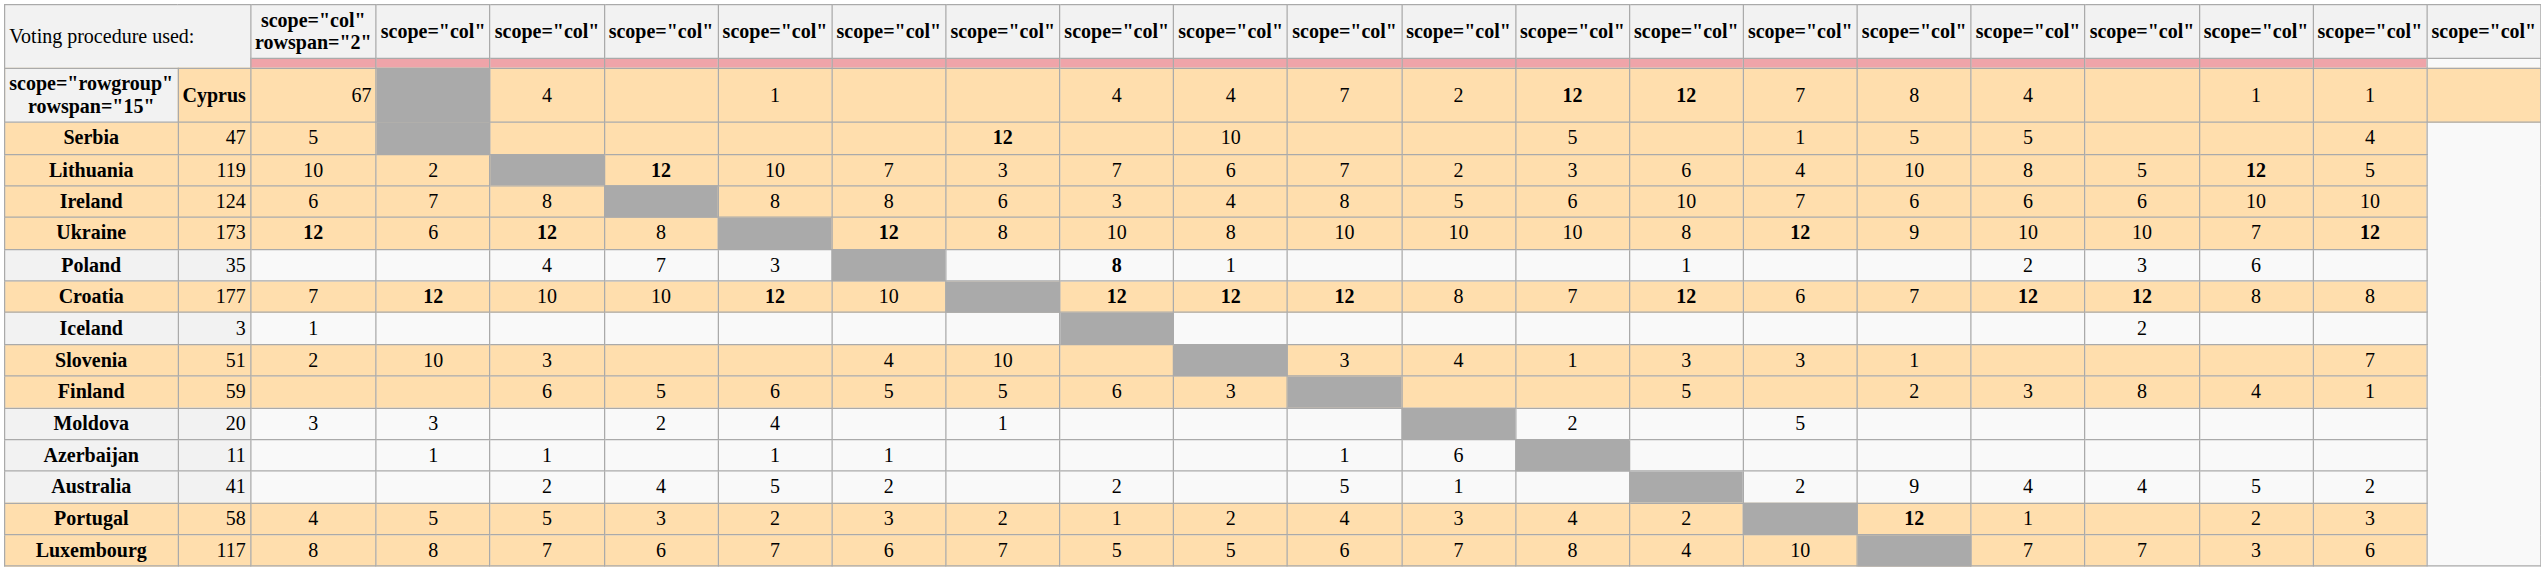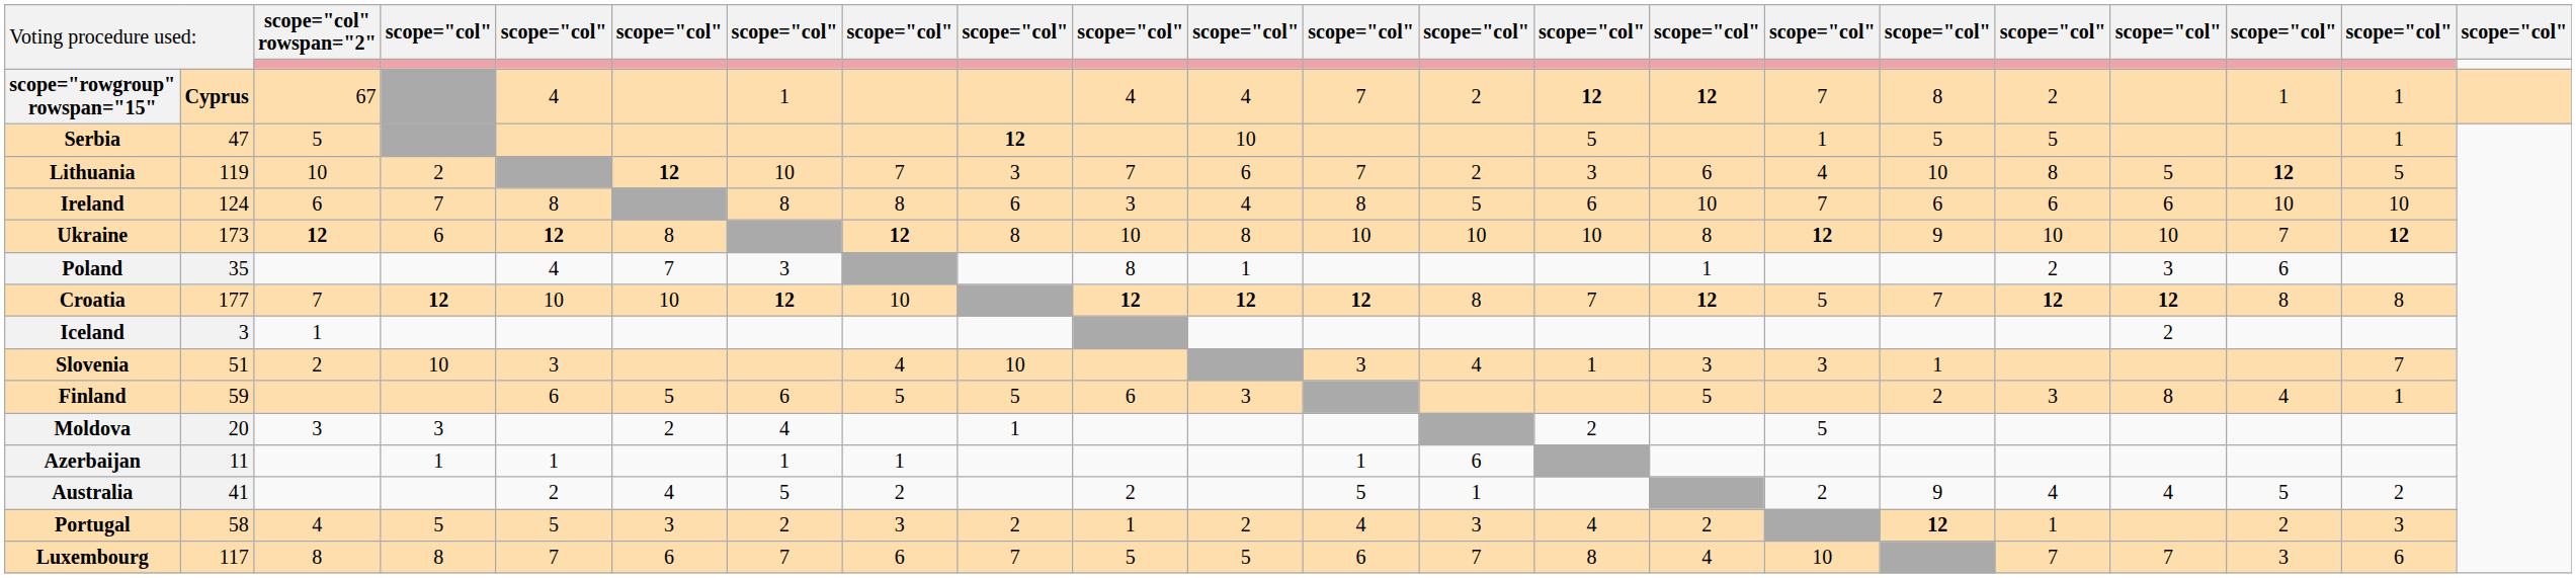 <table class="wikitable plainrowheaders" style="text-align: center;">
 <tr>
 <td colspan="2" rowspan="2" style="text-align: left; background: #F2F2F2;">Voting procedure used:<br></td>
 <th>scope="col" rowspan="2" </th>
 <th>scope="col" </th>
 <th>scope="col" </th>
 <th>scope="col" </th>
 <th>scope="col" </th>
 <th>scope="col" </th>
 <th>scope="col" </th>
 <th>scope="col" </th>
 <th>scope="col" </th>
 <th>scope="col" </th>
 <th>scope="col" </th>
 <th>scope="col" </th>
 <th>scope="col" </th>
 <th>scope="col" </th>
 <th>scope="col" </th>
 <th>scope="col" </th>
 <th>scope="col" </th>
 <th>scope="col" </th>
 <th>scope="col" </th>
 <th>scope="col" </th>
 </tr>
 <tr>
 <td style="background: #EFA4A9;"></td>
 <td style="background: #EFA4A9;"></td>
 <td style="background: #EFA4A9;"></td>
 <td style="background: #EFA4A9;"></td>
 <td style="background: #EFA4A9;"></td>
 <td style="background: #EFA4A9;"></td>
 <td style="background: #EFA4A9;"></td>
 <td style="background: #EFA4A9;"></td>
 <td style="background: #EFA4A9;"></td>
 <td style="background: #EFA4A9;"></td>
 <td style="background: #EFA4A9;"></td>
 <td style="background: #EFA4A9;"></td>
 <td style="background: #EFA4A9;"></td>
 <td style="background: #EFA4A9;"></td>
 <td style="background: #EFA4A9;"></td>
 <td style="background: #EFA4A9;"></td>
 <td style="background: #EFA4A9;"></td>
 <td style="background: #EFA4A9;"></td>
 <td style="background: #EFA4A9;"></td>
 </tr>
 <tr style="background:#ffdead;">
 <th>scope="rowgroup" rowspan="15" </th>
 <th scope="row" style="background:#ffdead;">Cyprus</th>
 <td style="text-align: right;">67</td>
 <td style="background: #aaa;"></td>
 <td>4</td>
 <td></td>
 <td>1</td>
 <td></td>
 <td></td>
 <td>4</td>
 <td>4</td>
 <td>7</td>
 <td>2</td>
 <td><strong>12</strong></td>
 <td><strong>12</strong></td>
 <td>7</td>
 <td>8</td>
-<td>4</td>
+<td>2</td>
 <td></td>
 <td>1</td>
 <td>1</td>
 <td></td>
 </tr>
 <tr style="background:#ffdead;">
 <th scope="row" style="background: #ffdead;">Serbia</th>
 <td style="text-align: right;">47</td>
 <td>5</td>
 <td style="background: #aaa;"></td>
 <td></td>
 <td></td>
 <td></td>
 <td></td>
 <td><strong>12</strong></td>
 <td></td>
 <td>10</td>
 <td></td>
 <td></td>
 <td>5</td>
 <td></td>
 <td>1</td>
 <td>5</td>
 <td>5</td>
 <td></td>
 <td></td>
-<td>4</td>
+<td>1</td>
 </tr>
 <tr style="background:#ffdead;">
 <th scope="row" style="background:#ffdead;">Lithuania</th>
 <td style="text-align: right;">119</td>
 <td>10</td>
 <td>2</td>
 <td style="background: #aaa;"></td>
 <td><strong>12</strong></td>
 <td>10</td>
 <td>7</td>
 <td>3</td>
 <td>7</td>
 <td>6</td>
 <td>7</td>
 <td>2</td>
 <td>3</td>
 <td>6</td>
 <td>4</td>
 <td>10</td>
 <td>8</td>
 <td>5</td>
 <td><strong>12</strong></td>
 <td>5</td>
 </tr>
 <tr style="background:#ffdead;">
 <th scope="row" style="background: #ffdead;">Ireland</th>
 <td style="text-align: right;">124</td>
 <td>6</td>
 <td>7</td>
 <td>8</td>
 <td style="background: #aaa;"></td>
 <td>8</td>
 <td>8</td>
 <td>6</td>
 <td>3</td>
 <td>4</td>
 <td>8</td>
 <td>5</td>
 <td>6</td>
 <td>10</td>
 <td>7</td>
 <td>6</td>
 <td>6</td>
 <td>6</td>
 <td>10</td>
 <td>10</td>
 </tr>
 <tr style="background:#ffdead;">
 <th scope="row" style="background:#ffdead;">Ukraine</th>
 <td style="text-align: right;">173</td>
 <td><strong>12</strong></td>
 <td>6</td>
 <td><strong>12</strong></td>
 <td>8</td>
 <td style="background: #aaa;"></td>
 <td><strong>12</strong></td>
 <td>8</td>
 <td>10</td>
 <td>8</td>
 <td>10</td>
 <td>10</td>
 <td>10</td>
 <td>8</td>
 <td><strong>12</strong></td>
 <td>9</td>
 <td>10</td>
 <td>10</td>
 <td>7</td>
 <td><strong>12</strong></td>
 </tr>
 <tr>
 <th scope="row" style="background: #f2f2f2;">Poland</th>
 <td style="text-align: right; background: #f2f2f2;">35</td>
 <td></td>
 <td></td>
 <td>4</td>
 <td>7</td>
 <td>3</td>
 <td style="background: #aaa;"></td>
 <td></td>
-<td><strong>8</strong></td>
+<td>8</td>
 <td>1</td>
 <td></td>
 <td></td>
 <td></td>
 <td>1</td>
 <td></td>
 <td></td>
 <td>2</td>
 <td>3</td>
 <td>6</td>
 <td></td>
 </tr>
 <tr style="background:#ffdead;">
 <th scope="row" style="background:#ffdead;">Croatia</th>
 <td style="text-align: right;">177</td>
 <td>7</td>
 <td><strong>12</strong></td>
 <td>10</td>
 <td>10</td>
 <td><strong>12</strong></td>
 <td>10</td>
 <td style="background: #aaa;"></td>
 <td><strong>12</strong></td>
 <td><strong>12</strong></td>
 <td><strong>12</strong></td>
 <td>8</td>
 <td>7</td>
 <td><strong>12</strong></td>
-<td>6</td>
+<td>5</td>
 <td>7</td>
 <td><strong>12</strong></td>
 <td><strong>12</strong></td>
 <td>8</td>
 <td>8</td>
 </tr>
 <tr>
 <th scope="row" style="background:#f2f2f2;">Iceland</th>
 <td style="text-align: right; background: #f2f2f2;">3</td>
 <td>1</td>
 <td></td>
 <td></td>
 <td></td>
 <td></td>
 <td></td>
 <td></td>
 <td style="background: #aaa;"></td>
 <td></td>
 <td></td>
 <td></td>
 <td></td>
 <td></td>
 <td></td>
 <td></td>
 <td></td>
 <td>2</td>
 <td></td>
 <td></td>
 </tr>
 <tr style="background:#ffdead;">
 <th scope="row" style="background:#ffdead;">Slovenia</th>
 <td style="text-align: right;">51</td>
 <td>2</td>
 <td>10</td>
 <td>3</td>
 <td></td>
 <td></td>
 <td>4</td>
 <td>10</td>
 <td></td>
 <td style="background: #aaa;"></td>
 <td>3</td>
 <td>4</td>
 <td>1</td>
 <td>3</td>
 <td>3</td>
 <td>1</td>
 <td></td>
 <td></td>
 <td></td>
 <td>7</td>
 </tr>
 <tr style="background:#ffdead;">
 <th scope="row" style="background:#ffdead;">Finland</th>
 <td style="text-align: right;">59</td>
 <td></td>
 <td></td>
 <td>6</td>
 <td>5</td>
 <td>6</td>
 <td>5</td>
 <td>5</td>
 <td>6</td>
 <td>3</td>
 <td style="background: #aaa;"></td>
 <td></td>
 <td></td>
 <td>5</td>
 <td></td>
 <td>2</td>
 <td>3</td>
 <td>8</td>
 <td>4</td>
 <td>1</td>
 </tr>
 <tr>
 <th scope="row" style="background:#f2f2f2;">Moldova</th>
 <td style="text-align: right; background: #f2f2f2;">20</td>
 <td>3</td>
 <td>3</td>
 <td></td>
 <td>2</td>
 <td>4</td>
 <td></td>
 <td>1</td>
 <td></td>
 <td></td>
 <td></td>
 <td style="background: #aaa;"></td>
 <td>2</td>
 <td></td>
 <td>5</td>
 <td></td>
 <td></td>
 <td></td>
 <td></td>
 <td></td>
 </tr>
 <tr>
 <th scope="row" style="background: #f2f2f2;">Azerbaijan</th>
 <td style="text-align: right; background: #f2f2f2;">11</td>
 <td></td>
 <td>1</td>
 <td>1</td>
 <td></td>
 <td>1</td>
 <td>1</td>
 <td></td>
 <td></td>
 <td></td>
 <td>1</td>
 <td>6</td>
 <td style="background: #aaa;"></td>
 <td></td>
 <td></td>
 <td></td>
 <td></td>
 <td></td>
 <td></td>
 <td></td>
 </tr>
 <tr>
 <th scope="row" style="background:#f2f2f2;">Australia</th>
 <td style="text-align: right; background: #f2f2f2;">41</td>
 <td></td>
 <td></td>
 <td>2</td>
 <td>4</td>
 <td>5</td>
 <td>2</td>
 <td></td>
 <td>2</td>
 <td></td>
 <td>5</td>
 <td>1</td>
 <td></td>
 <td style="background: #aaa;"></td>
 <td>2</td>
 <td>9</td>
 <td>4</td>
 <td>4</td>
 <td>5</td>
 <td>2</td>
 </tr>
 <tr style="background:#ffdead;">
 <th scope="row" style="background: #ffdead;">Portugal</th>
 <td style="text-align: right;">58</td>
 <td>4</td>
 <td>5</td>
 <td>5</td>
 <td>3</td>
 <td>2</td>
 <td>3</td>
 <td>2</td>
 <td>1</td>
 <td>2</td>
 <td>4</td>
 <td>3</td>
 <td>4</td>
 <td>2</td>
 <td style="background: #aaa;"></td>
 <td><strong>12</strong></td>
 <td>1</td>
 <td></td>
 <td>2</td>
 <td>3</td>
 </tr>
 <tr style="background:#ffdead;">
 <th scope="row" style="background:#ffdead;">Luxembourg</th>
 <td style="text-align: right;">117</td>
 <td>8</td>
 <td>8</td>
 <td>7</td>
 <td>6</td>
 <td>7</td>
 <td>6</td>
 <td>7</td>
 <td>5</td>
 <td>5</td>
 <td>6</td>
 <td>7</td>
 <td>8</td>
 <td>4</td>
 <td>10</td>
 <td style="background: #aaa;"></td>
 <td>7</td>
 <td>7</td>
 <td>3</td>
 <td>6</td>
 </tr>
 </table>
